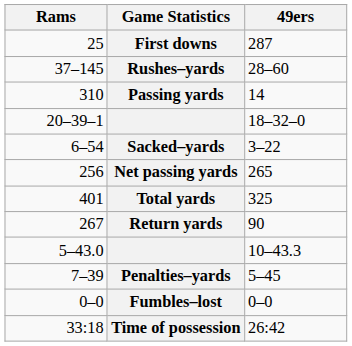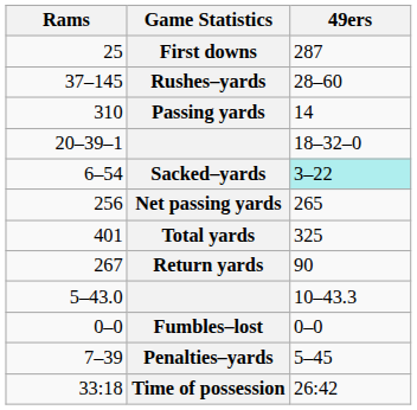 <table class="wikitable" style="margin: 1em auto 1em auto">
 <tr>
 <th style="width:30%;">Rams</th>
 <th style="width:40%;">Game Statistics</th>
 <th style="width:30%;">49ers</th>
 </tr>
 <tr>
 <td style="text-align:right;">25</td>
 <th>First downs</th>
 <td>287</td>
 </tr>
 <tr>
 <td style="text-align:right;">37–145</td>
 <th>Rushes–yards</th>
 <td>28–60</td>
 </tr>
 <tr>
 <td style="text-align:right;">310</td>
 <th>Passing yards</th>
 <td>14</td>
 </tr>
 <tr>
 <td style="text-align:right;">20–39–1</td>
 <th></th>
 <td>18–32–0</td>
 </tr>
 <tr>
 <td style="text-align:right;">6–54</td>
 <th>Sacked–yards</th>
-<td>3–22</td>
+<td style="background: paleturquoise;">3–22</td>
 </tr>
 <tr>
 <td style="text-align:right;">256</td>
 <th>Net passing yards</th>
 <td>265</td>
 </tr>
 <tr>
 <td style="text-align:right;">401</td>
 <th>Total yards</th>
 <td>325</td>
 </tr>
 <tr>
 <td style="text-align:right;">267</td>
 <th>Return yards</th>
 <td>90</td>
 </tr>
 <tr>
 <td style="text-align:right;">5–43.0</td>
 <th></th>
 <td>10–43.3</td>
 </tr>
 <tr>
+<td style="text-align:right;">0–0</td>
+<th>Fumbles–lost</th>
+<td>0–0</td>
+</tr>
+<tr>
 <td style="text-align:right;">7–39</td>
 <th>Penalties–yards</th>
 <td>5–45</td>
-</tr>
-<tr>
-<td style="text-align:right;">0–0</td>
-<th>Fumbles–lost</th>
-<td>0–0</td>
 </tr>
 <tr>
 <td style="text-align:right;">33:18</td>
 <th>Time of possession</th>
 <td>26:42</td>
 </tr>
 </table>
